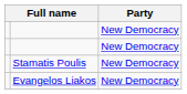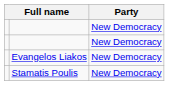 <table class="wikitable">
 <tr>
 <th colspan="2">Full name</th>
 <th>Party</th>
 </tr>
 <tr>
 <td width="1" style="color:inherit;background:"></td>
 <td></td>
 <td><a href='#'>New Democracy</a></td>
 </tr>
 <tr>
 <td width="1" style="color:inherit;background:"></td>
 <td></td>
 <td><a href='#'>New Democracy</a></td>
 </tr>
 <tr>
 <td width="1" style="color:inherit;background:"></td>
-<td><a href='#'>Stamatis Poulis</a></td>
+<td><a href='#'>Evangelos Liakos</a></td>
 <td><a href='#'>New Democracy</a></td>
 </tr>
 <tr>
 <td width="1" style="color:inherit;background:"></td>
-<td><a href='#'>Evangelos Liakos</a></td>
+<td><a href='#'>Stamatis Poulis</a></td>
 <td><a href='#'>New Democracy</a></td>
 </tr>
 </table>
